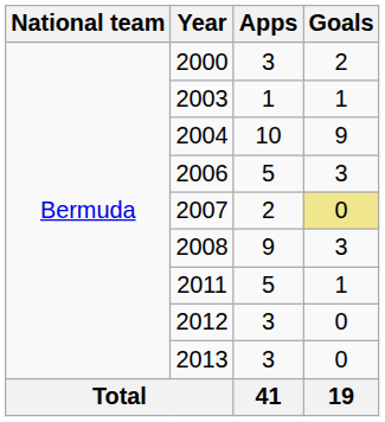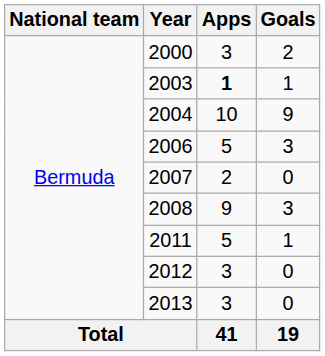 <table class="wikitable" style="text-align:center">
 <tr>
 <th>National team</th>
 <th>Year</th>
 <th>Apps</th>
 <th>Goals</th>
 </tr>
 <tr>
 <td rowspan="9"><a href='#'>Bermuda</a></td>
 <td>2000</td>
 <td>3</td>
 <td>2</td>
 </tr>
 <tr>
 <td>2003</td>
-<td>1</td>
+<td><strong>1</strong></td>
 <td>1</td>
 </tr>
 <tr>
 <td>2004</td>
 <td>10</td>
 <td>9</td>
 </tr>
 <tr>
 <td>2006</td>
 <td>5</td>
 <td>3</td>
 </tr>
 <tr>
 <td>2007</td>
 <td>2</td>
-<td style="background: khaki;">0</td>
+<td>0</td>
 </tr>
 <tr>
 <td>2008</td>
 <td>9</td>
 <td>3</td>
 </tr>
 <tr>
 <td>2011</td>
 <td>5</td>
 <td>1</td>
 </tr>
 <tr>
 <td>2012</td>
 <td>3</td>
 <td>0</td>
 </tr>
 <tr>
 <td>2013</td>
 <td>3</td>
 <td>0</td>
 </tr>
 <tr>
 <th colspan="2">Total</th>
 <th>41</th>
 <th>19</th>
 </tr>
 </table>
